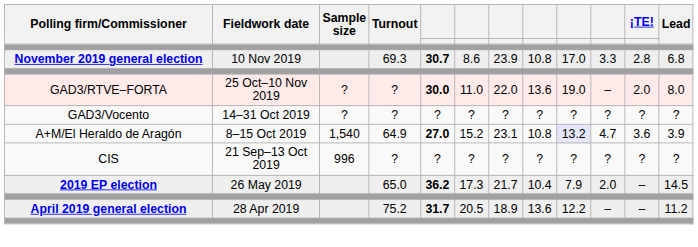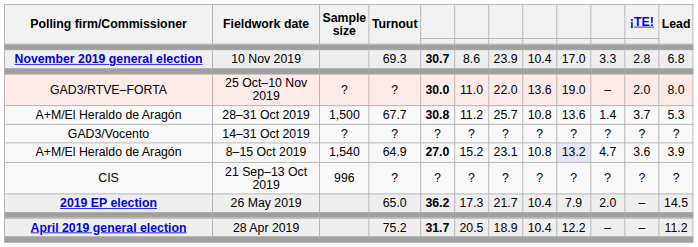 <table class="wikitable collapsible collapsed" style="text-align:center; font-size:95%; line-height:16px;">
 <tr style="height:42px;">
 <th style="width:250px;" rowspan="2">Polling firm/Commissioner</th>
 <th style="width:125px;" rowspan="2">Fieldwork date</th>
 <th style="width:50px;" rowspan="2">Sample size</th>
 <th style="width:45px;" rowspan="2">Turnout</th>
 <th style="width:35px;"></th>
 <th style="width:35px;"></th>
 <th style="width:35px;"></th>
 <th style="width:35px;"></th>
 <th style="width:35px;"></th>
 <th style="width:35px;"></th>
 <th style="width:35px;"><a href='#'>¡TE!</a></th>
 <th style="width:30px;" rowspan="2">Lead</th>
 </tr>
 <tr>
 <th style="color:inherit;background:"></th>
 <th style="color:inherit;background:"></th>
 <th style="color:inherit;background:"></th>
 <th style="color:inherit;background:"></th>
 <th style="color:inherit;background:"></th>
 <th style="color:inherit;background:"></th>
 <th style="color:inherit;background:"></th>
 </tr>
 <tr>
 <td colspan="12" style="background:#A0A0A0"></td>
 </tr>
 <tr style="background:#EFEFEF;">
 <td><strong><a href='#'>November 2019 general election</a></strong></td>
 <td>10 Nov 2019</td>
 <td></td>
 <td>69.3</td>
 <td><strong>30.7</strong><br></td>
 <td>8.6<br></td>
 <td>23.9<br></td>
-<td>10.8<br></td>
+<td>10.4<br></td>
 <td>17.0<br></td>
 <td>3.3<br></td>
 <td>2.8<br></td>
 <td style="background:">6.8</td>
 </tr>
 <tr>
 <td colspan="12" style="background:#A0A0A0"></td>
 </tr>
 <tr style="background:#FFEAEA;">
 <td>GAD3/RTVE–FORTA</td>
 <td>25 Oct–10 Nov 2019</td>
 <td>?</td>
 <td>?</td>
 <td><strong>30.0</strong><br></td>
 <td>11.0<br></td>
 <td>22.0<br></td>
 <td>13.6<br></td>
 <td>19.0<br></td>
 <td>–</td>
 <td>2.0<br></td>
 <td style="background:">8.0</td>
+</tr>
+<tr>
+<td>A+M/El Heraldo de Aragón</td>
+<td>28–31 Oct 2019</td>
+<td>1,500</td>
+<td>67.7</td>
+<td><strong>30.8</strong><br></td>
+<td>11.2<br></td>
+<td>25.7<br></td>
+<td>10.8<br></td>
+<td>13.6<br></td>
+<td>1.4<br></td>
+<td>3.7<br></td>
+<td style="background:">5.3</td>
 </tr>
 <tr>
 <td>GAD3/Vocento</td>
 <td>14–31 Oct 2019</td>
 <td>?</td>
 <td>?</td>
 <td>?<br></td>
 <td>?<br></td>
 <td>?<br></td>
 <td>?<br></td>
 <td>?<br></td>
 <td>?<br></td>
 <td>?<br></td>
 <td style="background:">?</td>
 </tr>
 <tr>
 <td>A+M/El Heraldo de Aragón</td>
 <td>8–15 Oct 2019</td>
 <td>1,540</td>
 <td>64.9</td>
 <td><strong>27.0</strong><br></td>
 <td>15.2<br></td>
 <td>23.1<br></td>
 <td>10.8<br></td>
 <td style="background: lavender;">13.2<br></td>
 <td>4.7<br></td>
 <td>3.6<br></td>
 <td style="background:">3.9</td>
 </tr>
 <tr>
 <td>CIS</td>
 <td>21 Sep–13 Oct 2019</td>
 <td>996</td>
 <td>?</td>
 <td>?<br></td>
 <td>?<br></td>
 <td>?<br></td>
 <td>?<br></td>
 <td>?<br></td>
 <td>?<br></td>
 <td>?<br></td>
 <td style="background:">?</td>
 </tr>
 <tr style="background:#EFEFEF;">
 <td><strong><a href='#'>2019 EP election</a></strong></td>
 <td>26 May 2019</td>
 <td></td>
 <td>65.0</td>
 <td><strong>36.2</strong><br></td>
 <td>17.3<br></td>
 <td>21.7<br></td>
 <td>10.4<br></td>
 <td>7.9<br></td>
 <td>2.0<br></td>
 <td>–</td>
 <td style="background:">14.5</td>
 </tr>
 <tr>
 <td colspan="12" style="background:#A0A0A0"></td>
 </tr>
 <tr style="background:#EFEFEF;">
 <td><strong><a href='#'>April 2019 general election</a></strong></td>
 <td>28 Apr 2019</td>
 <td></td>
 <td>75.2</td>
 <td><strong>31.7</strong><br></td>
 <td>20.5<br></td>
 <td>18.9<br></td>
-<td>13.6<br></td>
+<td>10.4<br></td>
 <td>12.2<br></td>
 <td>–</td>
 <td>–</td>
 <td style="background:">11.2</td>
 </tr>
 <tr>
 <td colspan="12" style="background:#A0A0A0"></td>
 </tr>
 </table>
